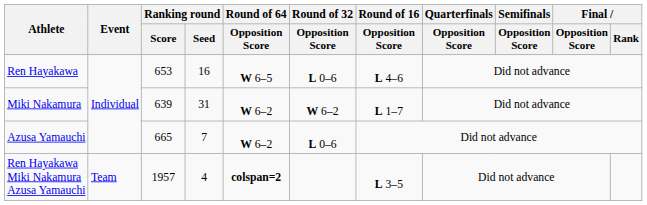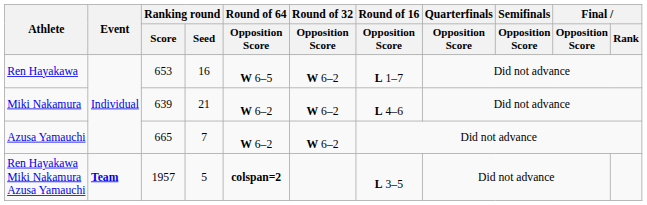 <table class="wikitable" style="font-size:90%">
 <tr>
 <th rowspan=2>Athlete</th>
 <th rowspan=2>Event</th>
 <th colspan="2">Ranking round</th>
 <th>Round of 64</th>
 <th>Round of 32</th>
 <th>Round of 16</th>
 <th>Quarterfinals</th>
 <th>Semifinals</th>
 <th colspan="2">Final / </th>
 </tr>
 <tr style="font-size:95%">
 <th>Score</th>
 <th>Seed</th>
 <th>Opposition<br>Score</th>
 <th>Opposition<br>Score</th>
 <th>Opposition<br>Score</th>
 <th>Opposition<br>Score</th>
 <th>Opposition<br>Score</th>
 <th>Opposition<br>Score</th>
 <th>Rank</th>
 </tr>
 <tr align=center>
 <td align=left><a href='#'>Ren Hayakawa</a></td>
 <td align=left rowspan=3><a href='#'>Individual</a></td>
 <td>653</td>
 <td>16</td>
 <td><br><strong>W</strong> 6–5</td>
-<td><br><strong>L</strong> 0–6</td>
-<td><br> <strong>L</strong> 4–6</td>
+<td><br> <strong>W</strong> 6–2</td>
+<td><br> <strong>L</strong> 1–7</td>
 <td colspan=4>Did not advance</td>
 </tr>
 <tr align=center>
 <td align=left><a href='#'>Miki Nakamura</a></td>
 <td>639</td>
-<td>31</td>
+<td>21</td>
 <td><br><strong>W</strong> 6–2</td>
 <td><br><strong>W</strong> 6–2</td>
-<td><br> <strong>L</strong> 1–7</td>
+<td><br> <strong>L</strong> 4–6</td>
 <td colspan=4>Did not advance</td>
 </tr>
 <tr align=center>
 <td align=left><a href='#'>Azusa Yamauchi</a></td>
 <td>665</td>
 <td>7</td>
 <td><br><strong>W</strong> 6–2</td>
-<td><br><strong>L</strong> 0–6</td>
+<td><br> <strong>W</strong> 6–2</td>
 <td colspan=6>Did not advance</td>
 </tr>
 <tr align=center>
 <td align=left><a href='#'>Ren Hayakawa</a><br><a href='#'>Miki Nakamura</a><br><a href='#'>Azusa Yamauchi</a></td>
-<td align=left><a href='#'>Team</a></td>
+<td align=left><strong><a href='#'>Team</a></strong></td>
 <td>1957</td>
-<td>4</td>
+<td>5</td>
 <td><strong>colspan=2 </strong></td>
 <td></td>
 <td><br><strong>L</strong> 3–5</td>
 <td colspan=3>Did not advance</td>
 </tr>
 </table>
